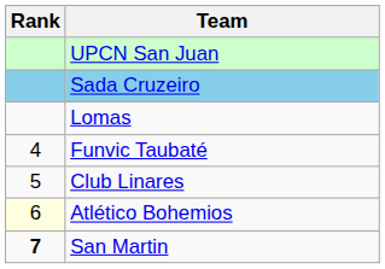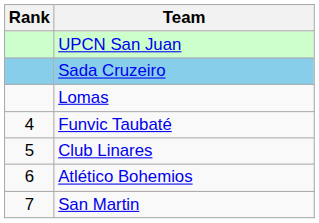 <table class="wikitable" style="text-align: center;">
 <tr>
 <th width=40>Rank</th>
 <th width=240>Team</th>
 </tr>
 <tr bgcolor=#ccffcc>
 <td></td>
 <td align=left> <a href='#'>UPCN San Juan</a></td>
 </tr>
 <tr bgcolor=#87ceeb>
 <td></td>
 <td align=left> <a href='#'>Sada Cruzeiro</a></td>
 </tr>
 <tr>
 <td></td>
 <td align=left> <a href='#'>Lomas</a></td>
 </tr>
 <tr>
 <td>4</td>
 <td align=left> <a href='#'>Funvic Taubaté</a></td>
 </tr>
 <tr>
 <td>5</td>
 <td align=left> <a href='#'>Club Linares</a></td>
 </tr>
 <tr>
-<td style="background: lightyellow;">6</td>
+<td>6</td>
 <td align=left> <a href='#'>Atlético Bohemios</a></td>
 </tr>
 <tr>
-<td><strong>7</strong></td>
+<td>7</td>
 <td align=left> <a href='#'>San Martin</a></td>
 </tr>
 </table>
